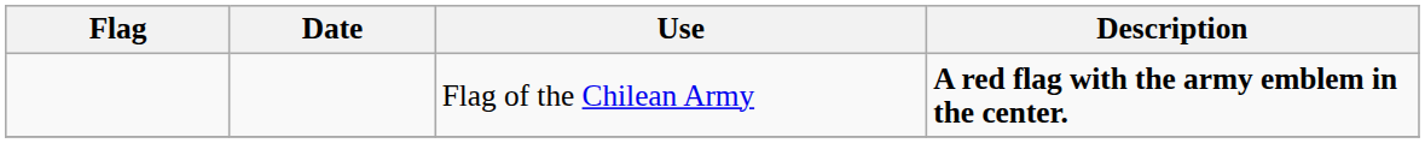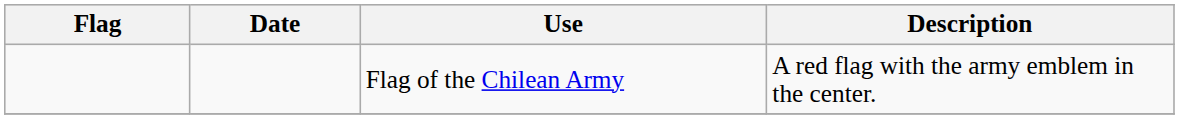 <table class="wikitable" style="background: #f9f9f9">
 <tr>
 <th width="110">Flag</th>
 <th width="100">Date</th>
 <th width="250">Use</th>
 <th width="250">Description</th>
 </tr>
 <tr>
 <td></td>
 <td></td>
 <td>Flag of the <a href='#'>Chilean Army</a></td>
-<td><strong>A red flag with the army emblem in the center.</strong></td>
+<td>A red flag with the army emblem in the center.</td>
 </tr>
 <tr>
 </tr>
 </table>
